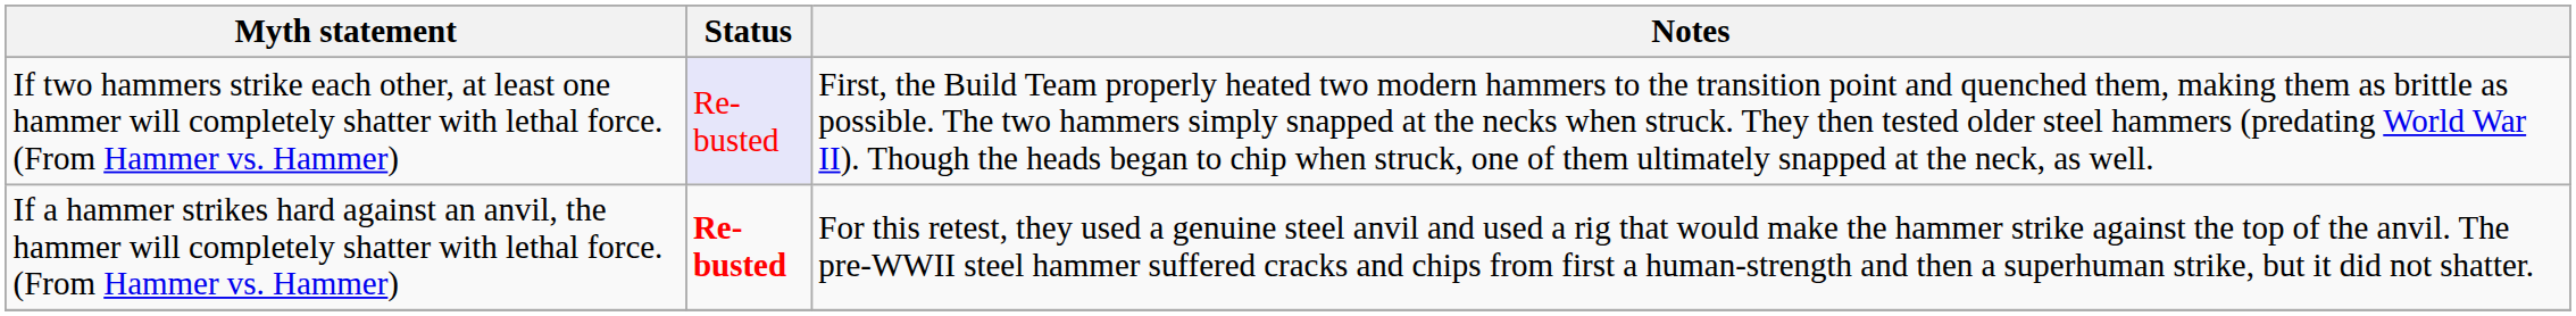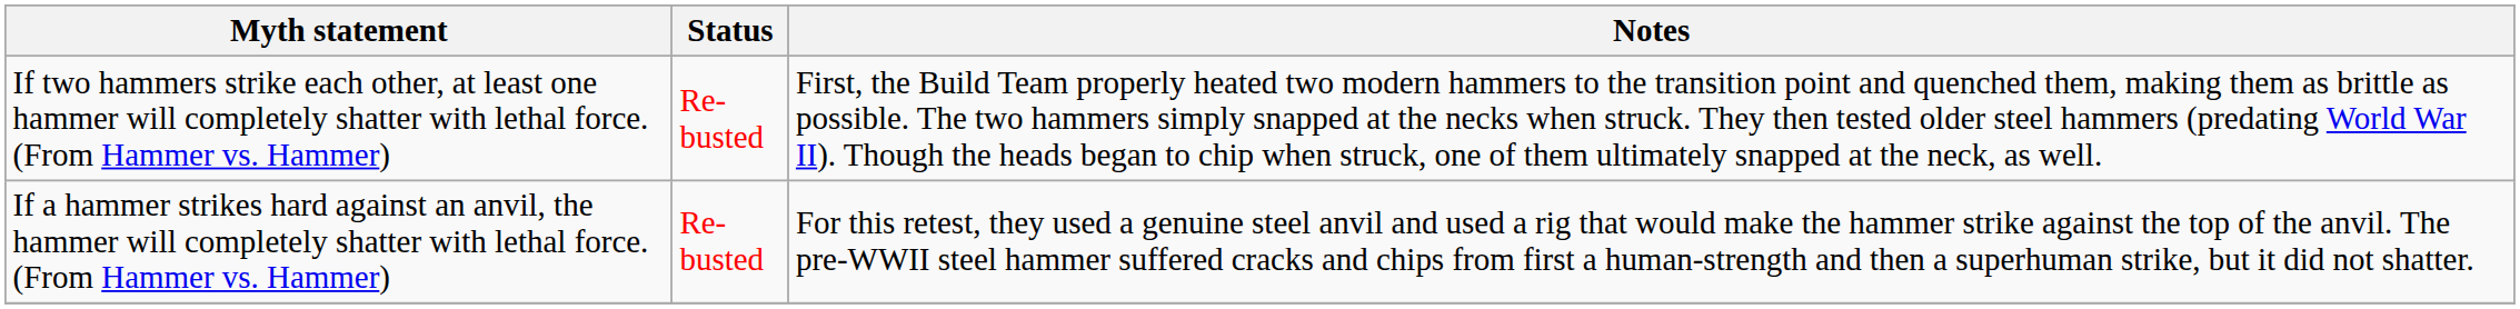 <table class="wikitable plainrowheaders">
 <tr>
 <th>Myth statement</th>
 <th>Status</th>
 <th>Notes</th>
 </tr>
 <tr>
 <td>If two hammers strike each other, at least one hammer will completely shatter with lethal force. (From <a href='#'>Hammer vs. Hammer</a>)</td>
-<td style="background: lavender; color:red">Re-busted</td>
+<td style="color:red">Re-busted</td>
 <td>First, the Build Team properly heated two modern hammers to the transition point and quenched them, making them as brittle as possible. The two hammers simply snapped at the necks when struck. They then tested older steel hammers (predating <a href='#'>World War II</a>). Though the heads began to chip when struck, one of them ultimately snapped at the neck, as well.</td>
 </tr>
 <tr>
 <td>If a hammer strikes hard against an anvil, the hammer will completely shatter with lethal force. (From <a href='#'>Hammer vs. Hammer</a>)</td>
-<td style="color:red"><strong>Re-busted</strong></td>
+<td style="color:red">Re-busted</td>
 <td>For this retest, they used a genuine steel anvil and used a rig that would make the hammer strike against the top of the anvil. The pre-WWII steel hammer suffered cracks and chips from first a human-strength and then a superhuman strike, but it did not shatter.</td>
 </tr>
 <tr>
 </tr>
 </table>
